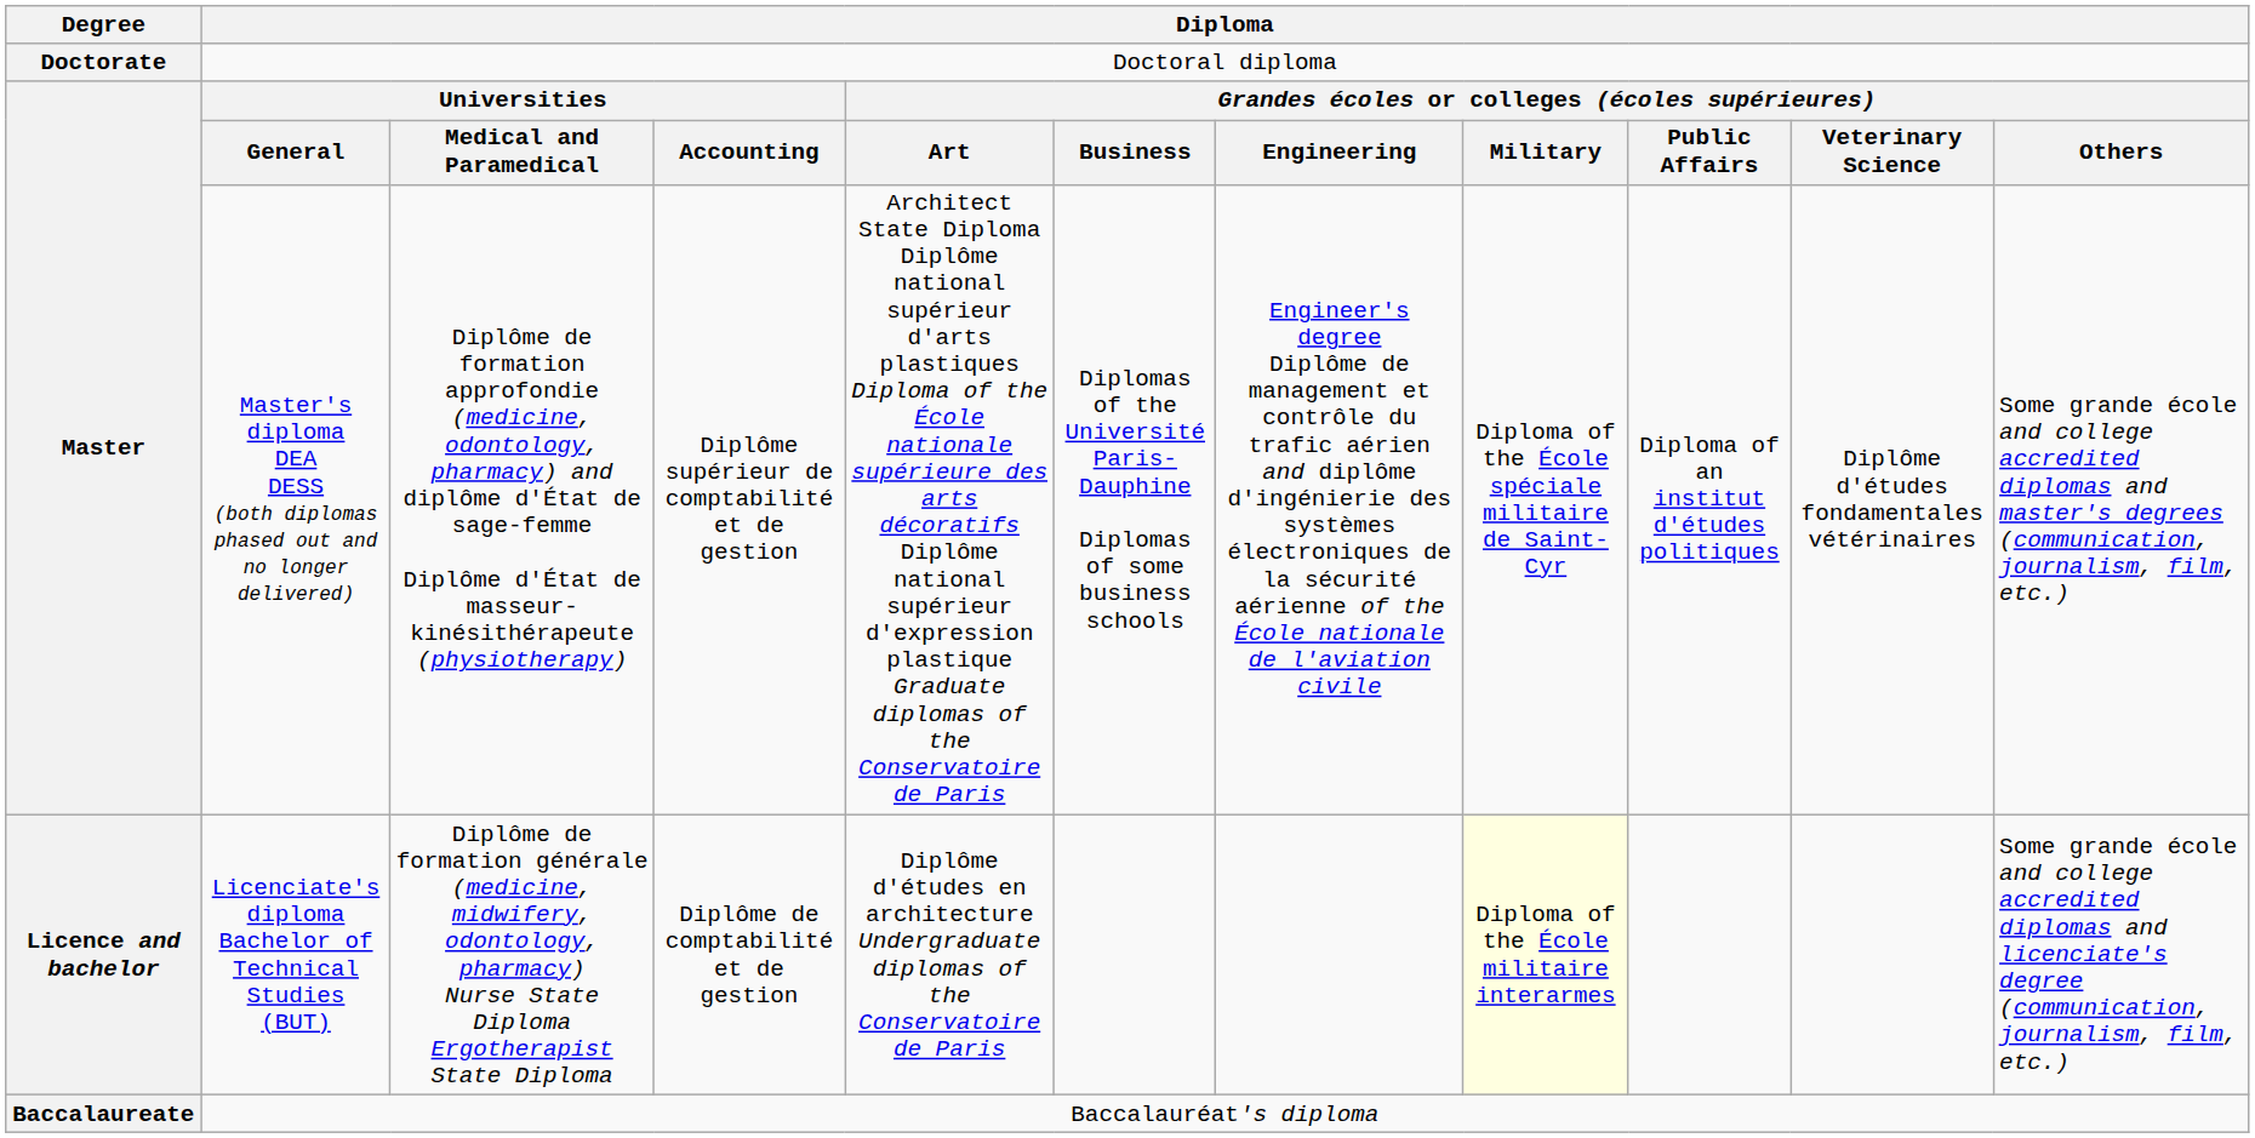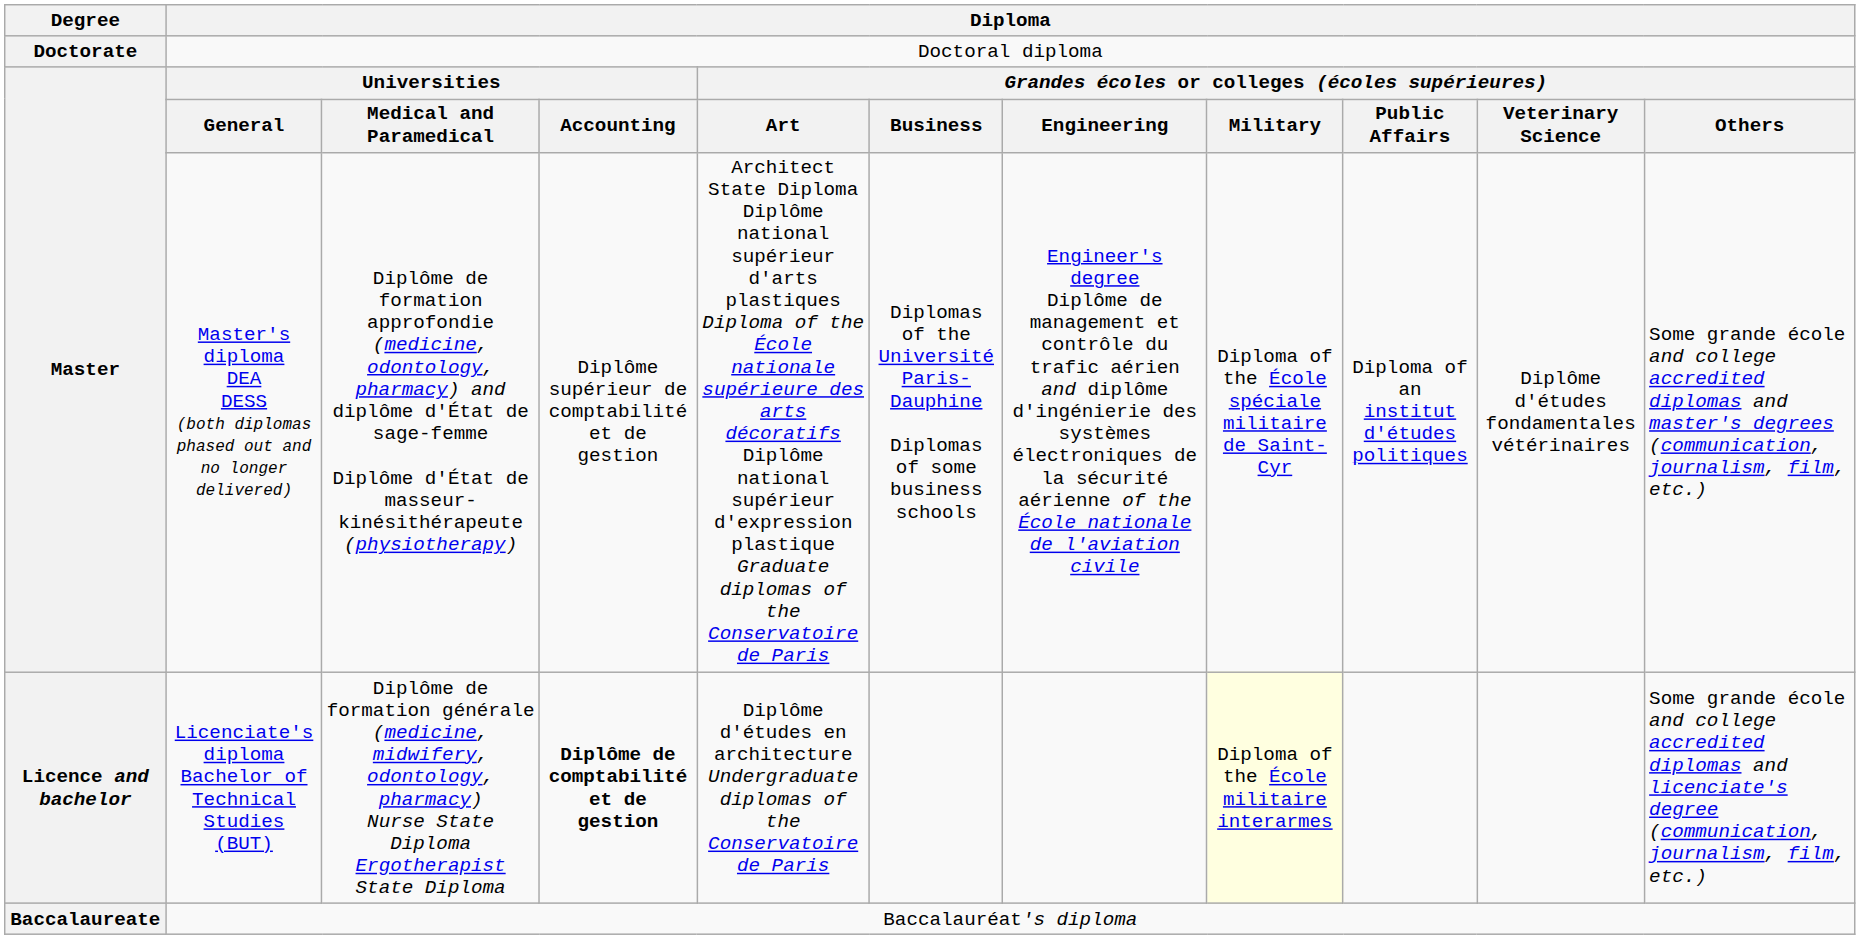 <table class="wikitable">
 <tr>
 <th>Degree</th>
 <th colspan=10>Diploma</th>
 </tr>
 <tr>
 <th>Doctorate</th>
 <td colspan=10 style="text-align:center;">Doctoral diploma</td>
 </tr>
 <tr>
 <th rowspan=3>Master</th>
 <th colspan=3>Universities</th>
 <th colspan="7"><strong><em>Grandes écoles</em></strong> <strong>or colleges <em>(écoles supérieures)<strong><em></th>
 </tr>
 <tr>
 <th>General</th>
 <th>Medical and Paramedical</th>
 <th>Accounting</th>
 <th>Art</th>
 <th>Business</th>
 <th>Engineering</th>
 <th>Military</th>
 <th>Public Affairs</th>
 <th>Veterinary Science</th>
 <th>Others</th>
 </tr>
 <tr>
 <td style="text-align:center;"><a href='#'>Master's diploma</a><br></em><a href='#'>DEA</a><em><br></em><a href='#'>DESS</a><em><br><small>(both diplomas phased out and no longer delivered)</small></td>
 <td style="text-align:center;"></em>Diplôme de formation approfondie<em> (<a href='#'>medicine</a>, <a href='#'>odontology</a>, <a href='#'>pharmacy</a>) and </em>diplôme d'État de sage-femme<em><br><br> </em>Diplôme d'État de masseur-kinésithérapeute<em> (<a href='#'>physiotherapy</a>)</td>
 <td style="text-align:center;"></em>Diplôme supérieur de comptabilité et de gestion<em></td>
 <td style="text-align:center;">Architect State Diploma<br></em>Diplôme national supérieur d'arts plastiques<em><br>Diploma of the <a href='#'>École nationale supérieure des arts décoratifs</a><br></em>Diplôme national supérieur d'expression plastique<em><br>Graduate diplomas of the <a href='#'>Conservatoire de Paris</a></td>
 <td style="text-align:center;">Diplomas of the <a href='#'>Université Paris-Dauphine</a><br><br>Diplomas of some business schools</td>
 <td style="text-align:center;"><a href='#'>Engineer's degree</a><br></em>Diplôme de management et contrôle du trafic aérien<em> and </em>diplôme d'ingénierie des systèmes électroniques de la sécurité aérienne<em> of the <a href='#'>École nationale de l'aviation civile</a></td>
 <td style="text-align:center;">Diploma of the <a href='#'>École spéciale militaire de Saint-Cyr</a></td>
 <td style="text-align:center;">Diploma of an <a href='#'>institut d'études politiques</a></td>
 <td style="text-align:center;"></em>Diplôme d'études fondamentales vétérinaires<em></td>
 <td>Some </em>grande école<em> and college <a href='#'>accredited diplomas</a> and <a href='#'>master's degrees</a> (<a href='#'>communication</a>, <a href='#'>journalism</a>, <a href='#'>film</a>, etc.)</td>
 </tr>
 <tr>
 <th></em>Licence<em> and bachelor</th>
 <td style="text-align:center;"><a href='#'>Licenciate's diploma</a><br><a href='#'>Bachelor of Technical Studies (BUT)</a></td>
 <td style="text-align:center;"></em>Diplôme de formation générale<em> (<a href='#'>medicine</a>, <a href='#'>midwifery</a>, <a href='#'>odontology</a>, <a href='#'>pharmacy</a>)<br>Nurse State Diploma<br><a href='#'>Ergotherapist</a> State Diploma</td>
-<td style="text-align:center;"></em>Diplôme de comptabilité et de gestion<em></td>
+<td style="text-align:center;"><strong></em>Diplôme de comptabilité et de gestion<em></strong></td>
 <td style="text-align:center;"></em>Diplôme d'études en architecture<em><br>Undergraduate diplomas of the <a href='#'>Conservatoire de Paris</a></td>
 <td></td>
 <td></td>
 <td style="background: lightyellow; text-align:center;">Diploma of the <a href='#'>École militaire interarmes</a></td>
 <td></td>
 <td></td>
 <td>Some </em>grande école<em> and college <a href='#'>accredited diplomas</a> and <a href='#'>licenciate's degree</a> (<a href='#'>communication</a>, <a href='#'>journalism</a>, <a href='#'>film</a>, etc.)</td>
 </tr>
 <tr>
 <th>Baccalaureate</th>
 <td style="text-align:center;" colspan=10></em>Baccalauréat<em>'s diploma</td>
 </tr>
 </table>
